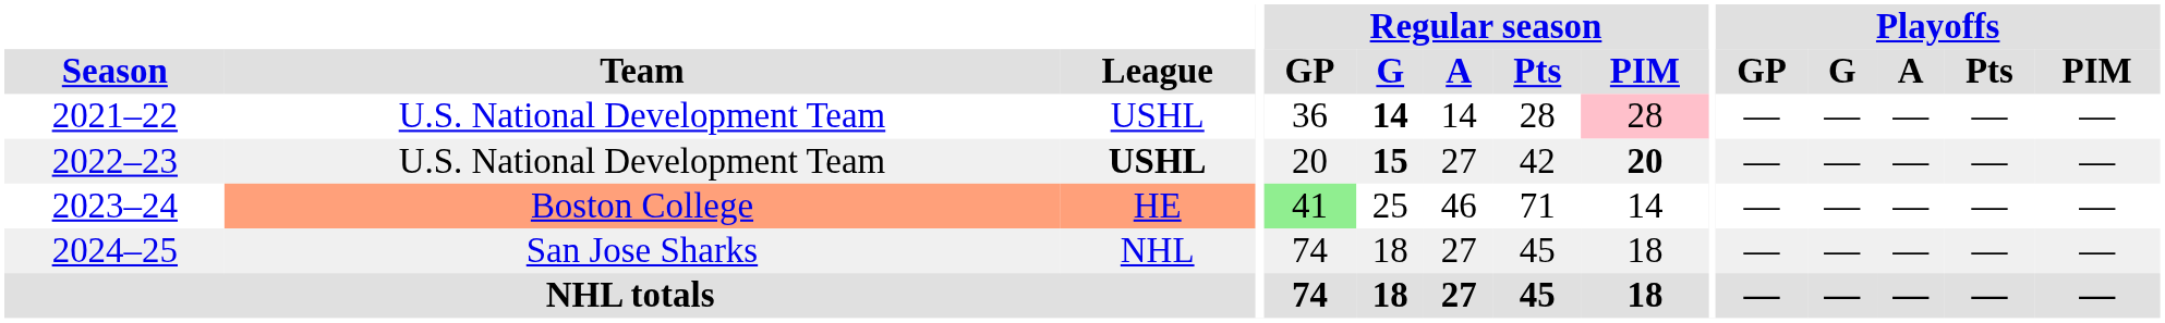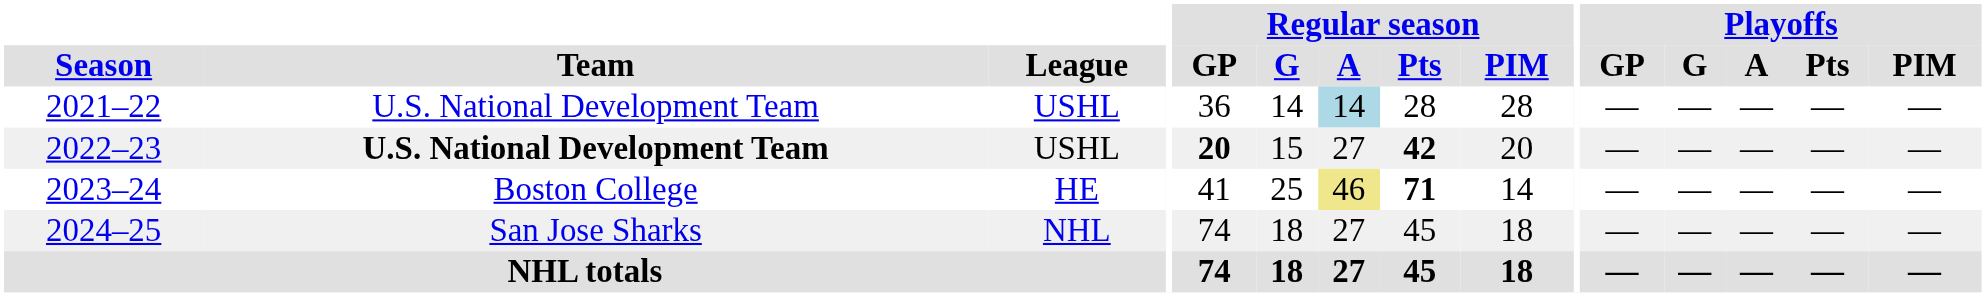 <table border="0" cellpadding="1" cellspacing="0" style="text-align:center; width:60em;">
 <tr bgcolor="#e0e0e0">
 <th colspan="3" bgcolor="#ffffff"></th>
 <th rowspan="100" bgcolor="#ffffff"></th>
 <th colspan="5"><a href='#'>Regular season</a></th>
 <th rowspan="100" bgcolor="#ffffff"></th>
 <th colspan="5"><a href='#'>Playoffs</a></th>
 </tr>
 <tr bgcolor="#e0e0e0">
 <th><a href='#'>Season</a></th>
 <th>Team</th>
 <th>League</th>
 <th>GP</th>
 <th><a href='#'>G</a></th>
 <th><a href='#'>A</a></th>
 <th><a href='#'>Pts</a></th>
 <th><a href='#'>PIM</a></th>
 <th>GP</th>
 <th>G</th>
 <th>A</th>
 <th>Pts</th>
 <th>PIM</th>
 </tr>
 <tr>
 <td><a href='#'>2021–22</a></td>
 <td><a href='#'>U.S. National Development Team</a></td>
 <td><a href='#'>USHL</a></td>
 <td>36</td>
-<td><strong>14</strong></td>
 <td>14</td>
+<td style="background: lightblue;">14</td>
 <td>28</td>
-<td style="background: pink;">28</td>
+<td>28</td>
 <td>—</td>
 <td>—</td>
 <td>—</td>
 <td>—</td>
 <td>—</td>
 </tr>
 <tr bgcolor="#f0f0f0">
 <td><a href='#'>2022–23</a></td>
-<td>U.S. National Development Team</td>
-<td><strong>USHL</strong></td>
+<td><strong>U.S. National Development Team</strong></td>
+<td>USHL</td>
+<td><strong>20</strong></td>
+<td>15</td>
+<td>27</td>
+<td><strong>42</strong></td>
 <td>20</td>
-<td><strong>15</strong></td>
-<td>27</td>
-<td>42</td>
-<td><strong>20</strong></td>
 <td>—</td>
 <td>—</td>
 <td>—</td>
 <td>—</td>
 <td>—</td>
 </tr>
 <tr>
 <td><a href='#'>2023–24</a></td>
-<td style="background: lightsalmon;"><a href='#'>Boston College</a></td>
-<td style="background: lightsalmon;"><a href='#'>HE</a></td>
-<td style="background: lightgreen;">41</td>
+<td><a href='#'>Boston College</a></td>
+<td><a href='#'>HE</a></td>
+<td>41</td>
 <td>25</td>
-<td>46</td>
-<td>71</td>
+<td style="background: khaki;">46</td>
+<td><strong>71</strong></td>
 <td>14</td>
 <td>—</td>
 <td>—</td>
 <td>—</td>
 <td>—</td>
 <td>—</td>
 </tr>
 <tr bgcolor="#f0f0f0">
 <td><a href='#'>2024–25</a></td>
 <td><a href='#'>San Jose Sharks</a></td>
 <td><a href='#'>NHL</a></td>
 <td>74</td>
 <td>18</td>
 <td>27</td>
 <td>45</td>
 <td>18</td>
 <td>—</td>
 <td>—</td>
 <td>—</td>
 <td>—</td>
 <td>—</td>
 </tr>
 <tr bgcolor="#e0e0e0">
 <th colspan="3">NHL totals</th>
 <th>74</th>
 <th>18</th>
 <th>27</th>
 <th>45</th>
 <th>18</th>
 <th>—</th>
 <th>—</th>
 <th>—</th>
 <th>—</th>
 <th>—</th>
 </tr>
 </table>
